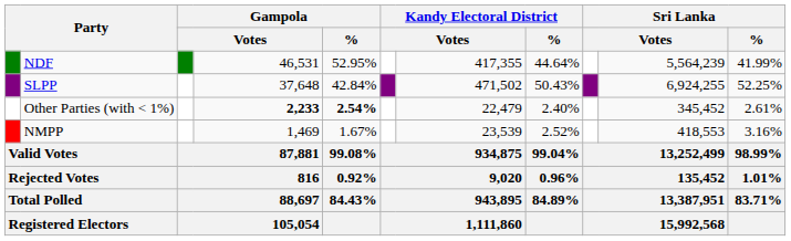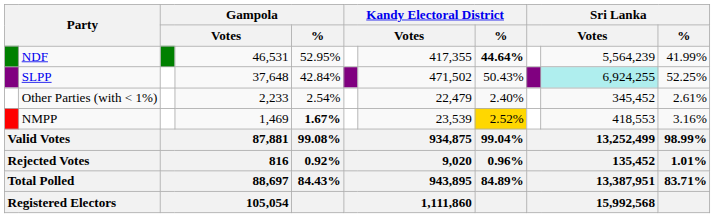 <table class="wikitable">
 <tr>
 <th colspan="2" width="144px"rowspan="2">Party</th>
 <th colspan="3" width="216px">Gampola</th>
 <th colspan="3" width="216px"><a href='#'>Kandy Electoral District</a></th>
 <th colspan="3" width="216px">Sri Lanka</th>
 </tr>
 <tr>
 <th colspan="2" width="144px">Votes</th>
 <th>%</th>
 <th colspan="2" width="144px">Votes</th>
 <th>%</th>
 <th colspan="2" width="144px">Votes</th>
 <th>%</th>
 </tr>
 <tr>
 <td style="background-color:green;" width="10px"></td>
 <td style="text-align:left;"><a href='#'>NDF</a></td>
 <td style="background-color:green;" width="10px"></td>
 <td style="text-align:right;">46,531</td>
 <td style="text-align:right;">52.95%</td>
 <td style="background-color:white;" width="10px"></td>
 <td style="text-align:right;">417,355</td>
-<td style="text-align:right;">44.64%</td>
+<td style="text-align:right;"><strong>44.64%</strong></td>
 <td style="background-color:white;" width="10px"></td>
 <td style="text-align:right;">5,564,239</td>
 <td style="text-align:right;">41.99%</td>
 </tr>
 <tr>
 <td style="background-color:purple;" width="10px"></td>
 <td style="text-align:left;"><a href='#'>SLPP</a></td>
 <td style="background-color:white;" width="10px"></td>
 <td style="text-align:right;">37,648</td>
 <td style="text-align:right;">42.84%</td>
 <td style="background-color:purple;" width="10px"></td>
 <td style="text-align:right;">471,502</td>
 <td style="text-align:right;">50.43%</td>
 <td style="background-color:purple;" width="10px"></td>
-<td style="text-align:right;">6,924,255</td>
+<td style="background: paleturquoise; text-align:right;">6,924,255</td>
 <td style="text-align:right;">52.25%</td>
 </tr>
 <tr>
 <td style="background-color:white;" width="10px"></td>
 <td style="text-align:left;">Other Parties (with < 1%)</td>
 <td style="background-color:white;" width="10px"></td>
-<td style="text-align:right;"><strong>2,233</strong></td>
-<td style="text-align:right;"><strong>2.54%</strong></td>
+<td style="text-align:right;">2,233</td>
+<td style="text-align:right;">2.54%</td>
 <td style="background-color:white;" width="10px"></td>
 <td style="text-align:right;">22,479</td>
 <td style="text-align:right;">2.40%</td>
 <td style="background-color:white;" width="10px"></td>
 <td style="text-align:right;">345,452</td>
 <td style="text-align:right;">2.61%</td>
 </tr>
 <tr>
 <td style="background-color:red;" width="10px"></td>
 <td style="text-align:left;">NMPP</td>
 <td style="background-color:white;" width="10px"></td>
 <td style="text-align:right;">1,469</td>
-<td style="text-align:right;">1.67%</td>
+<td style="text-align:right;"><strong>1.67%</strong></td>
 <td style="background-color:white;" width="10px"></td>
 <td style="text-align:right;">23,539</td>
-<td style="text-align:right;">2.52%</td>
+<td style="background: gold; text-align:right;">2.52%</td>
 <td style="background-color:white;" width="10px"></td>
 <td style="text-align:right;">418,553</td>
 <td style="text-align:right;">3.16%</td>
 </tr>
 <tr>
 <th colspan="2" width="144px"style="text-align:left;">Valid Votes</th>
 <th style="text-align:right;"colspan="2" width="144px">87,881</th>
 <th style="text-align:right;">99.08%</th>
 <th style="text-align:right;"colspan="2" width="144px">934,875</th>
 <th style="text-align:right;">99.04%</th>
 <th style="text-align:right;"colspan="2" width="144px">13,252,499</th>
 <th style="text-align:right;">98.99%</th>
 </tr>
 <tr>
 <th colspan="2" width="144px"style="text-align:left;">Rejected Votes</th>
 <th style="text-align:right;"colspan="2" width="144px">816</th>
 <th style="text-align:right;">0.92%</th>
 <th style="text-align:right;"colspan="2" width="144px">9,020</th>
 <th style="text-align:right;">0.96%</th>
 <th style="text-align:right;"colspan="2" width="144px">135,452</th>
 <th style="text-align:right;">1.01%</th>
 </tr>
 <tr>
 <th colspan="2" width="144px"style="text-align:left;">Total Polled</th>
 <th style="text-align:right;"colspan="2" width="144px">88,697</th>
 <th style="text-align:right;">84.43%</th>
 <th style="text-align:right;"colspan="2" width="144px">943,895</th>
 <th style="text-align:right;">84.89%</th>
 <th style="text-align:right;"colspan="2" width="144px">13,387,951</th>
 <th style="text-align:right;">83.71%</th>
 </tr>
 <tr>
 <th colspan="2" width="144px"style="text-align:left;">Registered Electors</th>
 <th style="text-align:right;"colspan="2" width="144px">105,054</th>
 <th></th>
 <th style="text-align:right;"colspan="2" width="144px">1,111,860</th>
 <th></th>
 <th style="text-align:right;"colspan="2" width="144px">15,992,568</th>
 <th></th>
 </tr>
 </table>
